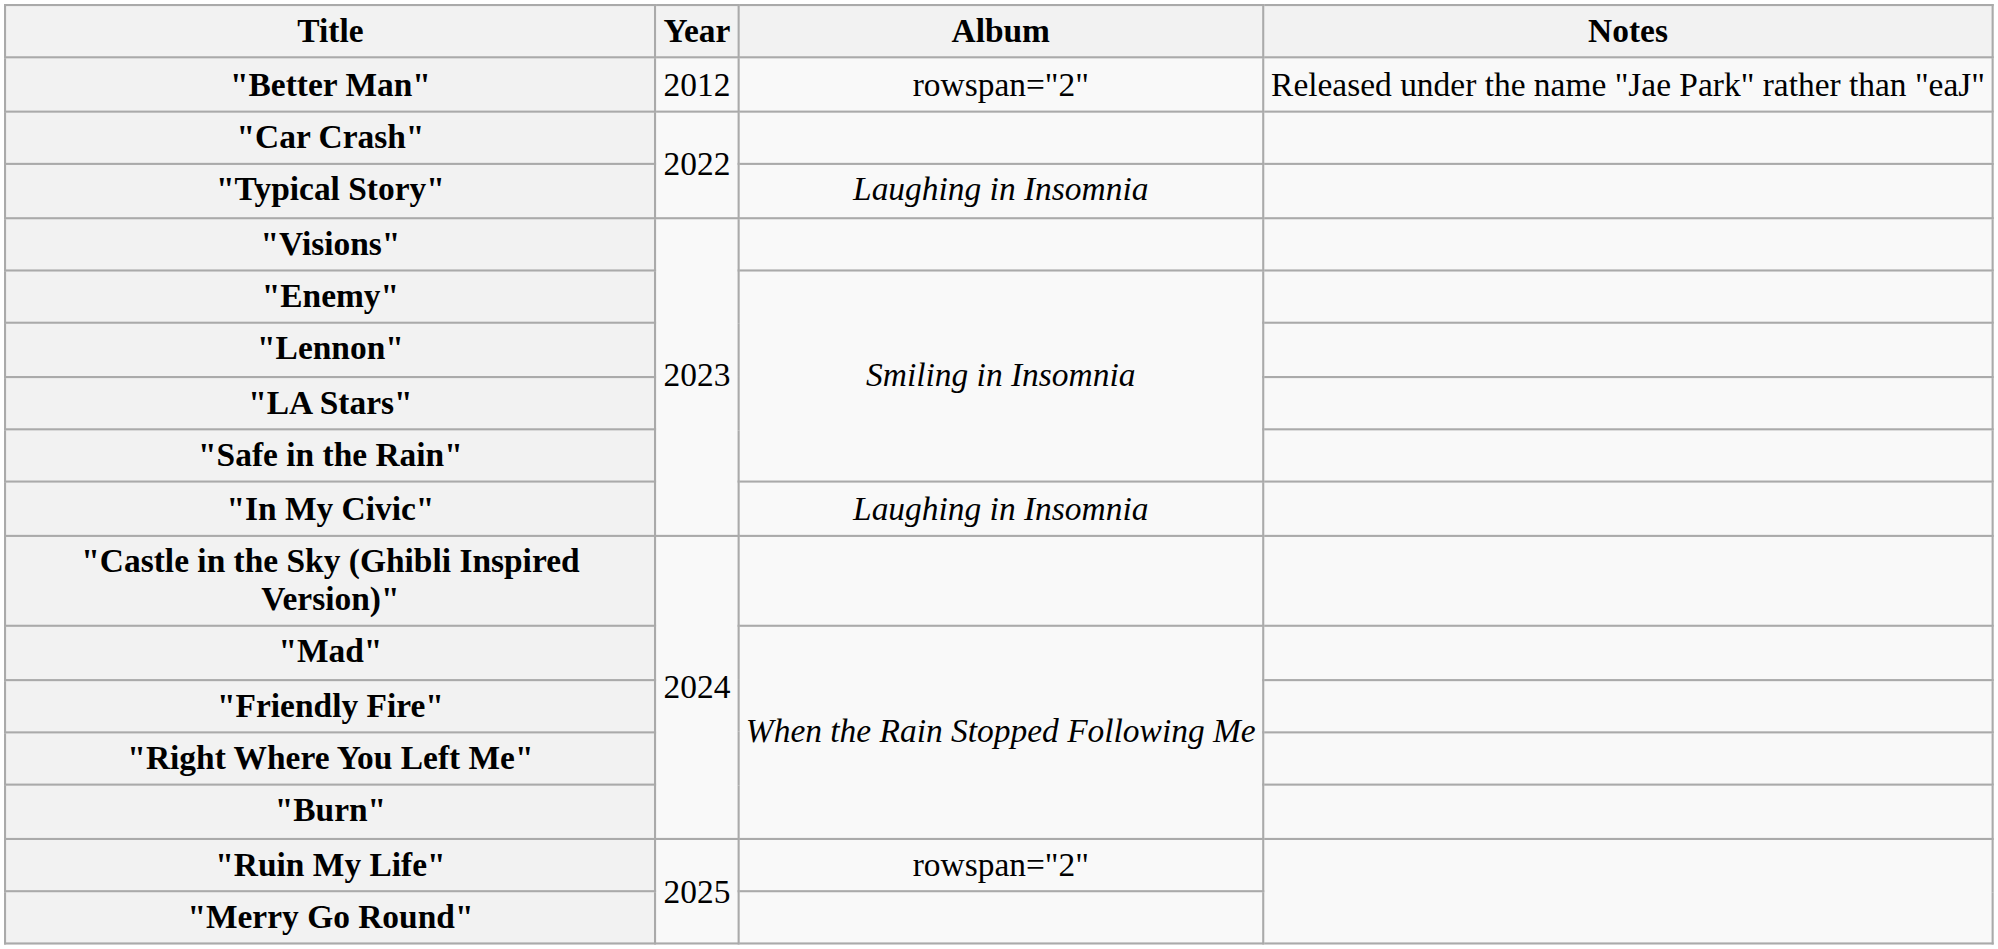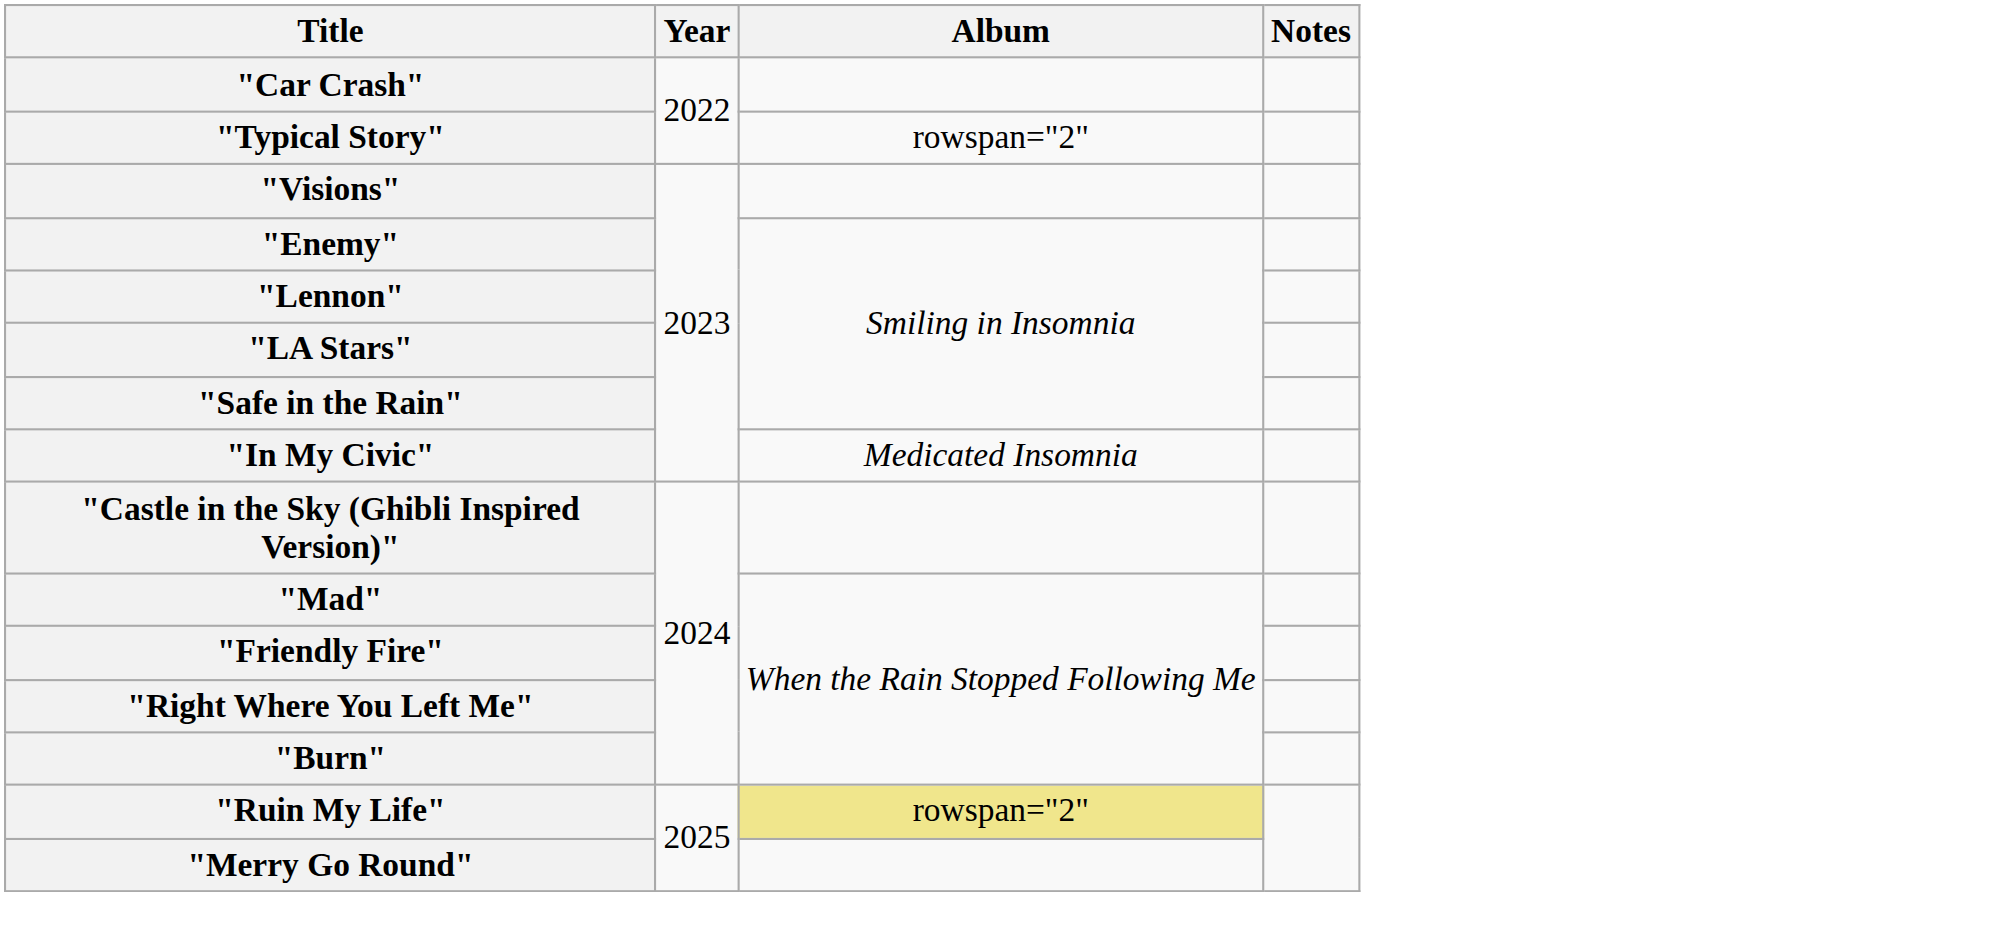 <table class="wikitable plainrowheaders" style="text-align:center;">
 <tr>
 <th scope="col" style="width:19em;">Title</th>
 <th scope="col">Year</th>
 <th scope="col">Album</th>
 <th scope="col">Notes</th>
 </tr>
 <tr>
-<th scope="row">"Better Man"</th>
-<td>2012</td>
-<td>rowspan="2" </td>
-<td>Released under the name "Jae Park" rather than "eaJ"</td>
-</tr>
-<tr>
 <th scope="row">"Car Crash"</th>
 <td rowspan="2">2022</td>
 <td></td>
 </tr>
 <tr>
 <th scope="row">"Typical Story"</th>
-<td><em>Laughing in Insomnia</em></td>
+<td>rowspan="2" </td>
 <td></td>
 </tr>
 <tr>
 <th scope="row">"Visions"<br></th>
 <td rowspan="6">2023</td>
 <td></td>
 <td></td>
 </tr>
 <tr>
 <th scope="row">"Enemy"</th>
 <td rowspan="4"><em>Smiling in Insomnia</em></td>
 <td></td>
 </tr>
 <tr>
 <th scope="row">"Lennon"</th>
 <td></td>
 </tr>
 <tr>
 <th scope="row">"LA Stars"</th>
 <td></td>
 </tr>
 <tr>
 <th scope="row">"Safe in the Rain"</th>
 <td></td>
 </tr>
 <tr>
 <th scope="row">"In My Civic"</th>
-<td><em>Laughing in Insomnia</em></td>
+<td><em>Medicated Insomnia</em></td>
 <td></td>
 </tr>
 <tr>
 <th scope="row">"Castle in the Sky (Ghibli Inspired Version)"<br></th>
 <td rowspan="5">2024</td>
 <td></td>
 <td></td>
 </tr>
 <tr>
 <th scope="row">"Mad"</th>
 <td rowspan="4"><em>When the Rain Stopped Following Me</em></td>
 <td></td>
 </tr>
 <tr>
 <th scope="row">"Friendly Fire"</th>
 <td></td>
 </tr>
 <tr>
 <th scope="row">"Right Where You Left Me"<br></th>
 <td></td>
 </tr>
 <tr>
 <th scope="row">"Burn" <br></th>
 <td></td>
 </tr>
 <tr>
 <th scope="row">"Ruin My Life"</th>
 <td rowspan="2">2025</td>
-<td>rowspan="2" </td>
+<td style="background: khaki;">rowspan="2" </td>
 </tr>
 <tr>
 <th scope="row">"Merry Go Round"</th>
 <td></td>
 </tr>
 </table>
